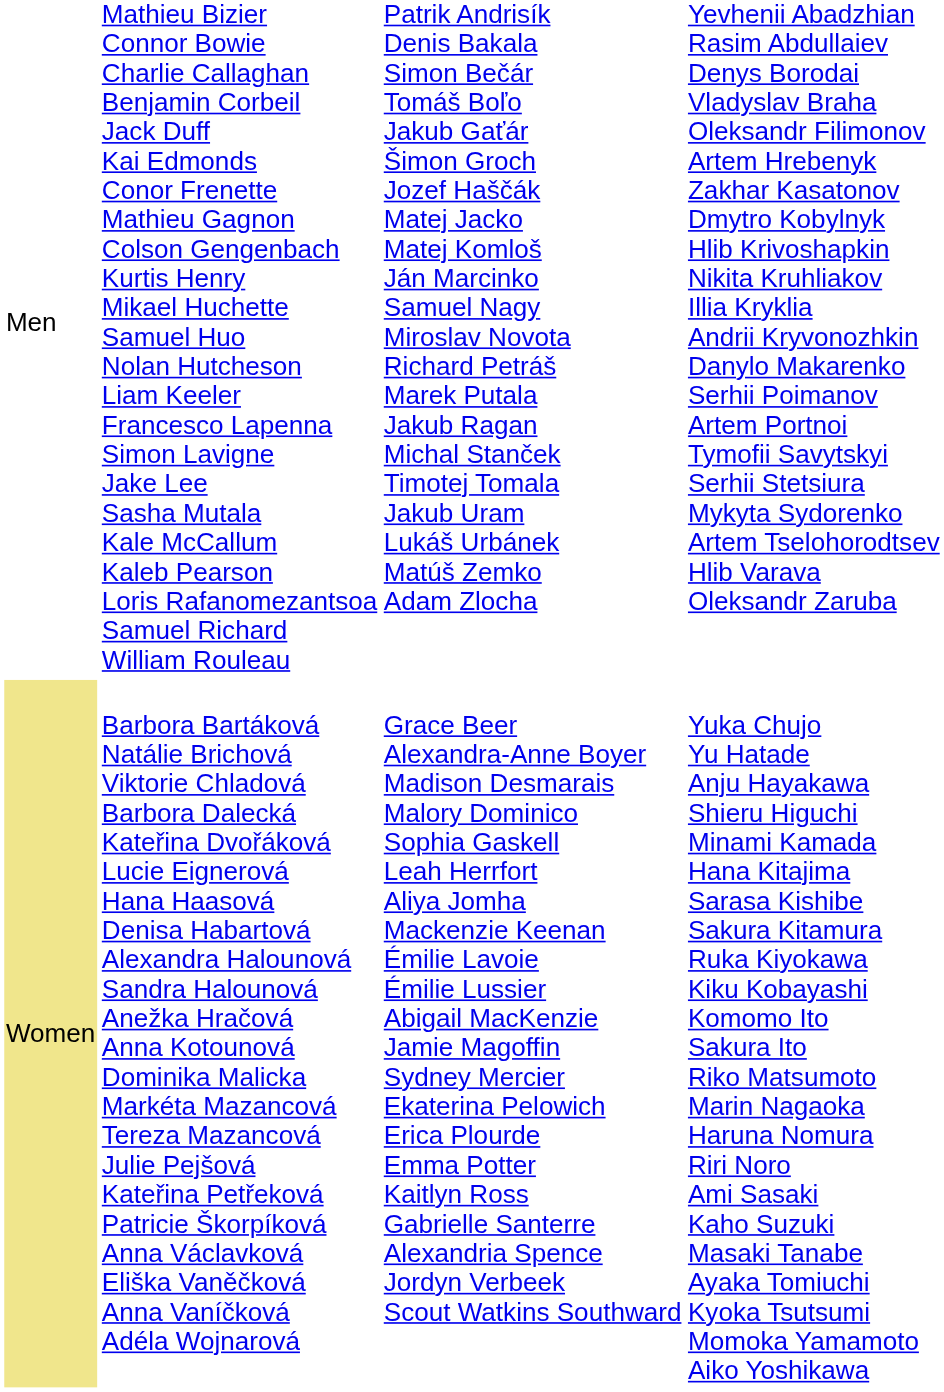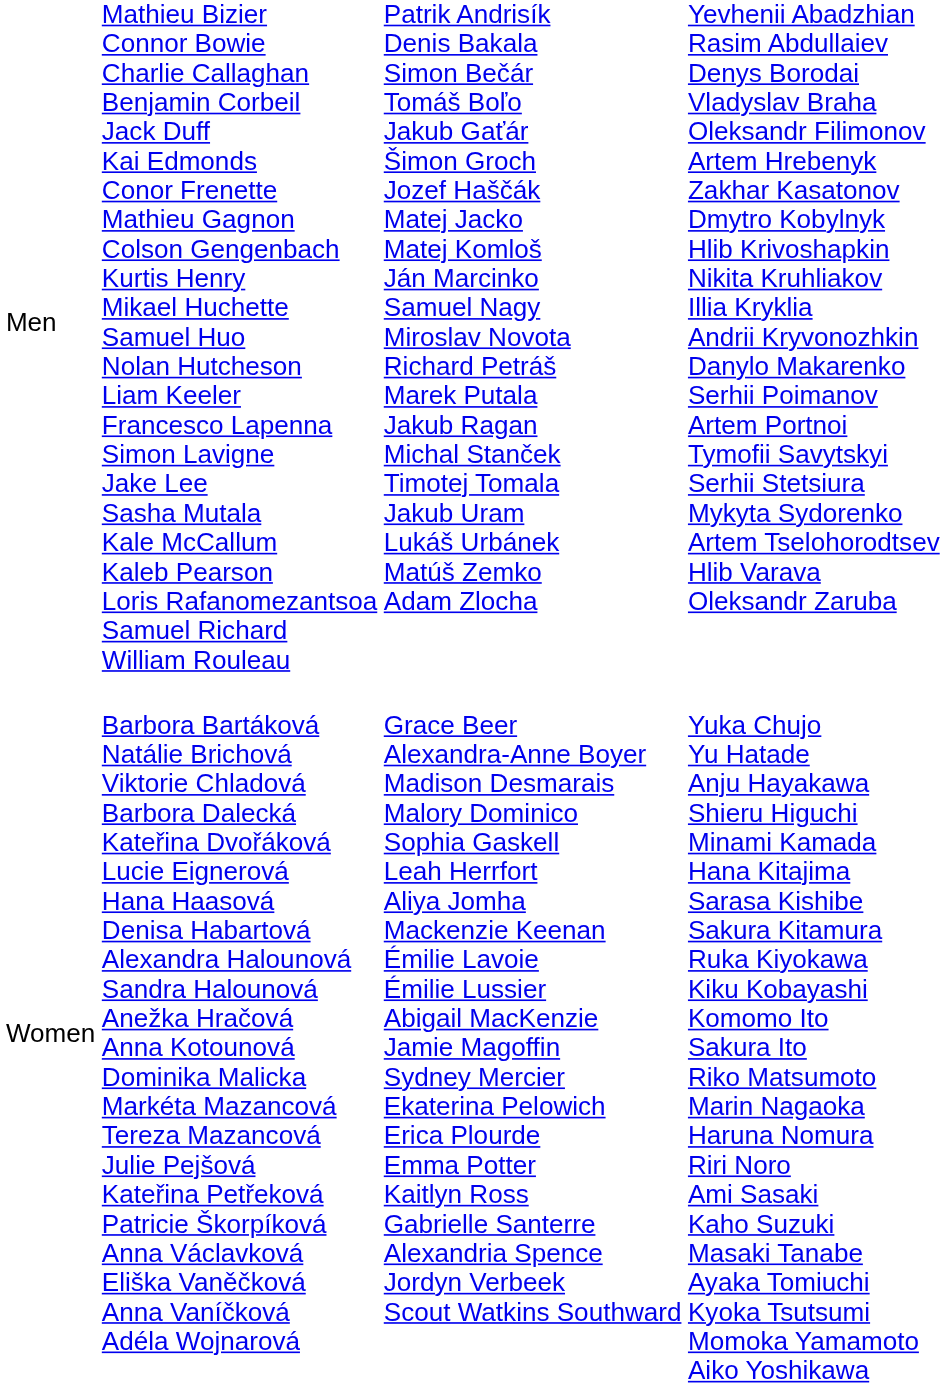 <table>
 <tr>
 <td>Men</td>
 <td valign=top><br><a href='#'>Mathieu Bizier</a><br><a href='#'>Connor Bowie </a><br><a href='#'>Charlie Callaghan</a><br><a href='#'>Benjamin Corbeil</a><br><a href='#'>Jack Duff</a><br><a href='#'>Kai Edmonds</a><br><a href='#'>Conor Frenette</a><br><a href='#'>Mathieu Gagnon</a><br><a href='#'>Colson Gengenbach</a><br><a href='#'>Kurtis Henry</a><br><a href='#'>Mikael Huchette</a><br><a href='#'>Samuel Huo</a><br><a href='#'>Nolan Hutcheson</a><br><a href='#'>Liam Keeler</a><br><a href='#'>Francesco Lapenna</a><br><a href='#'>Simon Lavigne</a><br><a href='#'>Jake Lee</a><br><a href='#'>Sasha Mutala</a><br><a href='#'>Kale McCallum</a><br><a href='#'>Kaleb Pearson</a><br><a href='#'>Loris Rafanomezantsoa</a><br><a href='#'>Samuel Richard</a><br><a href='#'>William Rouleau</a></td>
 <td valign=top><br><a href='#'>Patrik Andrisík</a><br><a href='#'>Denis Bakala</a><br><a href='#'>Simon Bečár</a><br><a href='#'>Tomáš Boľo</a><br><a href='#'>Jakub Gaťár</a><br><a href='#'>Šimon Groch</a><br><a href='#'>Jozef Haščák</a><br><a href='#'>Matej Jacko</a><br><a href='#'>Matej Komloš</a><br><a href='#'>Ján Marcinko</a><br><a href='#'>Samuel Nagy</a><br><a href='#'>Miroslav Novota</a><br><a href='#'>Richard Petráš</a><br><a href='#'>Marek Putala</a><br><a href='#'>Jakub Ragan</a><br><a href='#'>Michal Stanček</a><br><a href='#'>Timotej Tomala</a><br><a href='#'>Jakub Uram</a><br><a href='#'>Lukáš Urbánek</a><br><a href='#'>Matúš Zemko</a><br><a href='#'>Adam Zlocha</a></td>
 <td valign=top><br><a href='#'>Yevhenii Abadzhian</a><br><a href='#'>Rasim Abdullaiev</a><br><a href='#'>Denys Borodai</a><br><a href='#'>Vladyslav Braha</a><br><a href='#'>Oleksandr Filimonov</a><br><a href='#'>Artem Hrebenyk</a><br><a href='#'>Zakhar Kasatonov</a><br><a href='#'>Dmytro Kobylnyk</a><br><a href='#'>Hlib Krivoshapkin</a><br><a href='#'>Nikita Kruhliakov</a><br><a href='#'>Illia Kryklia</a><br><a href='#'>Andrii Kryvonozhkin</a><br><a href='#'>Danylo Makarenko</a><br><a href='#'>Serhii Poimanov</a><br><a href='#'>Artem Portnoi</a><br><a href='#'>Tymofii Savytskyi</a><br><a href='#'>Serhii Stetsiura</a><br><a href='#'>Mykyta Sydorenko</a><br><a href='#'>Artem Tselohorodtsev</a><br><a href='#'>Hlib Varava</a><br><a href='#'>Oleksandr Zaruba</a></td>
 </tr>
 <tr>
-<td style="background: khaki;">Women</td>
+<td>Women</td>
 <td valign=top><br><a href='#'>Barbora Bartáková</a><br><a href='#'>Natálie Brichová</a><br><a href='#'>Viktorie Chladová</a><br><a href='#'>Barbora Dalecká</a><br><a href='#'>Kateřina Dvořáková</a><br><a href='#'>Lucie Eignerová</a><br><a href='#'>Hana Haasová</a><br><a href='#'>Denisa Habartová</a><br><a href='#'>Alexandra Halounová</a><br><a href='#'>Sandra Halounová</a><br><a href='#'>Anežka Hračová</a><br><a href='#'>Anna Kotounová</a><br><a href='#'>Dominika Malicka</a><br><a href='#'>Markéta Mazancová</a><br><a href='#'>Tereza Mazancová</a><br><a href='#'>Julie Pejšová</a><br><a href='#'>Kateřina Petřeková</a><br><a href='#'>Patricie Škorpíková</a><br><a href='#'>Anna Václavková</a><br><a href='#'>Eliška Vaněčková</a><br><a href='#'>Anna Vaníčková</a><br><a href='#'>Adéla Wojnarová</a></td>
 <td valign=top><br><a href='#'>Grace Beer</a><br><a href='#'>Alexandra-Anne Boyer</a><br><a href='#'>Madison Desmarais</a><br><a href='#'>Malory Dominico</a><br><a href='#'>Sophia Gaskell</a><br><a href='#'>Leah Herrfort</a><br><a href='#'>Aliya Jomha</a><br><a href='#'>Mackenzie Keenan</a><br><a href='#'>Émilie Lavoie</a><br><a href='#'>Émilie Lussier</a><br><a href='#'>Abigail MacKenzie</a><br><a href='#'>Jamie Magoffin</a><br><a href='#'>Sydney Mercier</a><br><a href='#'>Ekaterina Pelowich</a><br><a href='#'>Erica Plourde</a><br><a href='#'>Emma Potter</a><br><a href='#'>Kaitlyn Ross</a><br><a href='#'>Gabrielle Santerre</a><br><a href='#'>Alexandria Spence</a><br><a href='#'>Jordyn Verbeek</a><br><a href='#'>Scout Watkins Southward</a></td>
 <td valign=top><br><a href='#'>Yuka Chujo</a><br><a href='#'>Yu Hatade</a><br><a href='#'>Anju Hayakawa</a><br><a href='#'>Shieru Higuchi</a><br><a href='#'>Minami Kamada</a><br><a href='#'>Hana Kitajima</a><br><a href='#'>Sarasa Kishibe</a><br><a href='#'>Sakura Kitamura</a><br><a href='#'>Ruka Kiyokawa</a><br><a href='#'>Kiku Kobayashi</a><br><a href='#'>Komomo Ito</a><br><a href='#'>Sakura Ito</a><br><a href='#'>Riko Matsumoto</a><br><a href='#'>Marin Nagaoka</a><br><a href='#'>Haruna Nomura</a><br><a href='#'>Riri Noro</a><br><a href='#'>Ami Sasaki</a><br><a href='#'>Kaho Suzuki</a><br><a href='#'>Masaki Tanabe</a><br><a href='#'>Ayaka Tomiuchi</a><br><a href='#'>Kyoka Tsutsumi</a><br><a href='#'>Momoka Yamamoto</a><br><a href='#'>Aiko Yoshikawa</a></td>
 </tr>
 </table>
